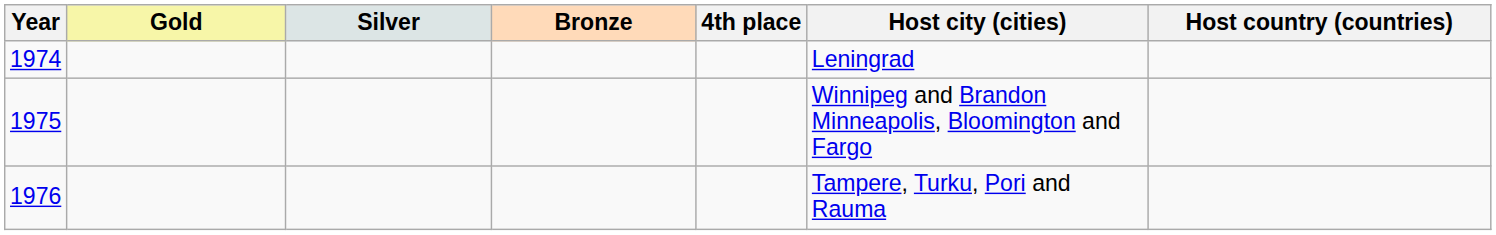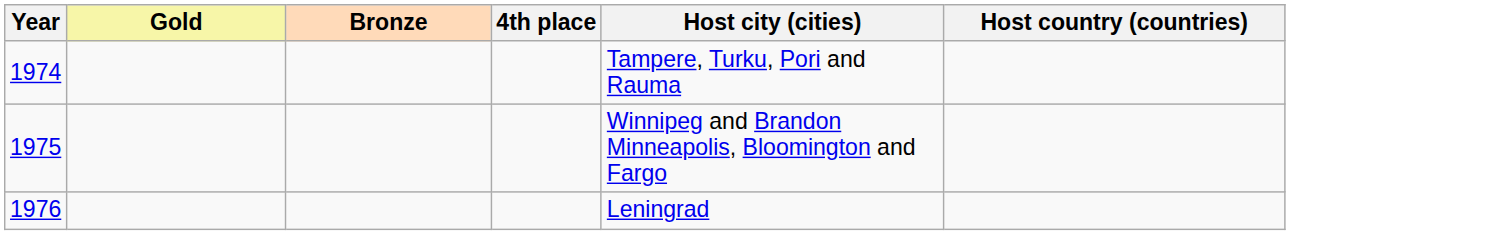 <table class="wikitable sortable">
 <tr bgcolor="#efefef" align="left">
 <th>Year</th>
 <th width=145 style="background-color: #F7F6A8;"> Gold</th>
-<th width=135 style="background-color: #DCE5E5;"> Silver</th>
 <th width=135 style="background-color: #FFDAB9;"> Bronze</th>
 <th scope="col" style="background-color:">4th place</th>
 <th width=230>Host city (cities)</th>
 <th width=230>Host country (countries)</th>
 </tr>
 <tr>
 <td align="center"><a href='#'>1974</a></td>
 <td></td>
 <td></td>
 <td></td>
-<td></td>
-<td><a href='#'>Leningrad</a></td>
+<td><a href='#'>Tampere</a>, <a href='#'>Turku</a>, <a href='#'>Pori</a> and <a href='#'>Rauma</a></td>
 <td></td>
 </tr>
 <tr>
 <td align="center"><a href='#'>1975</a></td>
-<td></td>
 <td></td>
 <td></td>
 <td></td>
 <td><a href='#'>Winnipeg</a> and <a href='#'>Brandon</a><br><a href='#'>Minneapolis</a>, <a href='#'>Bloomington</a> and <a href='#'>Fargo</a></td>
 <td><br></td>
 </tr>
 <tr>
 <td align="center"><a href='#'>1976</a></td>
 <td></td>
 <td></td>
 <td></td>
-<td></td>
-<td><a href='#'>Tampere</a>, <a href='#'>Turku</a>, <a href='#'>Pori</a> and <a href='#'>Rauma</a></td>
+<td><a href='#'>Leningrad</a></td>
 <td></td>
 </tr>
 </table>
